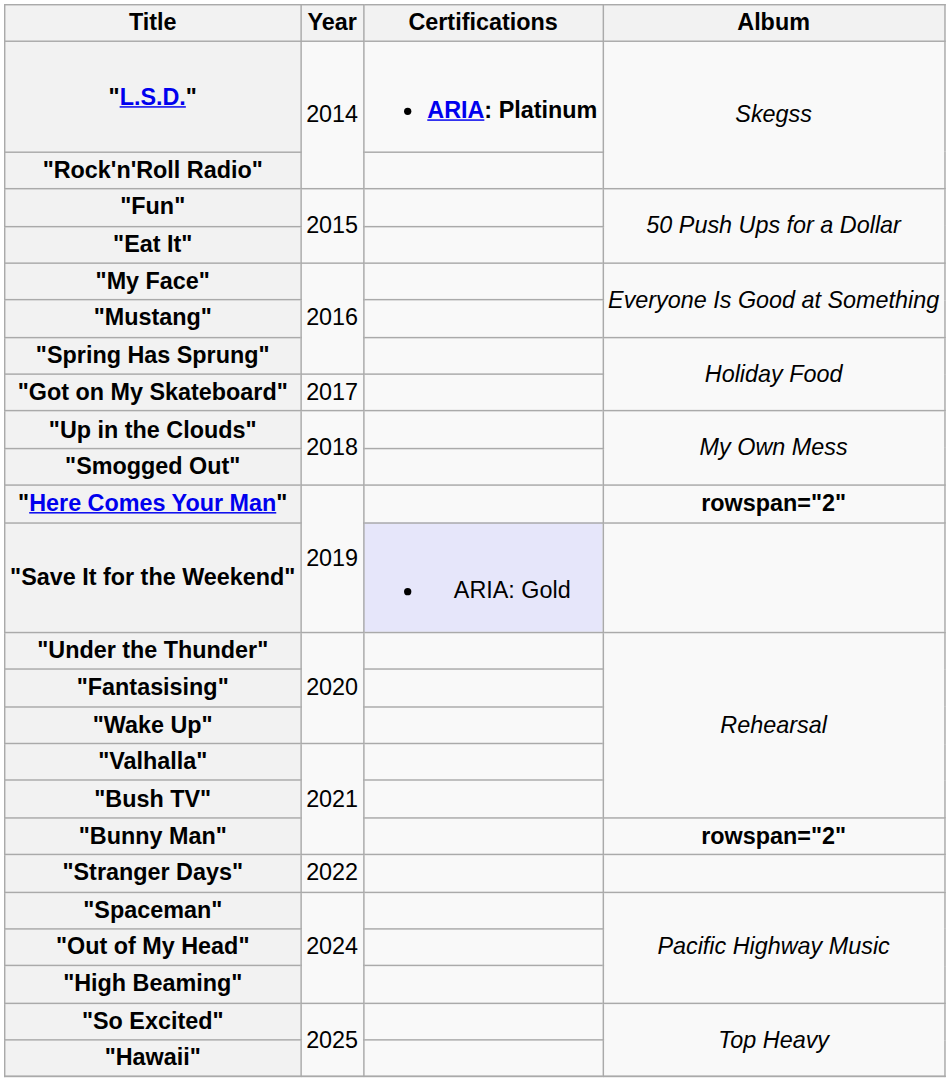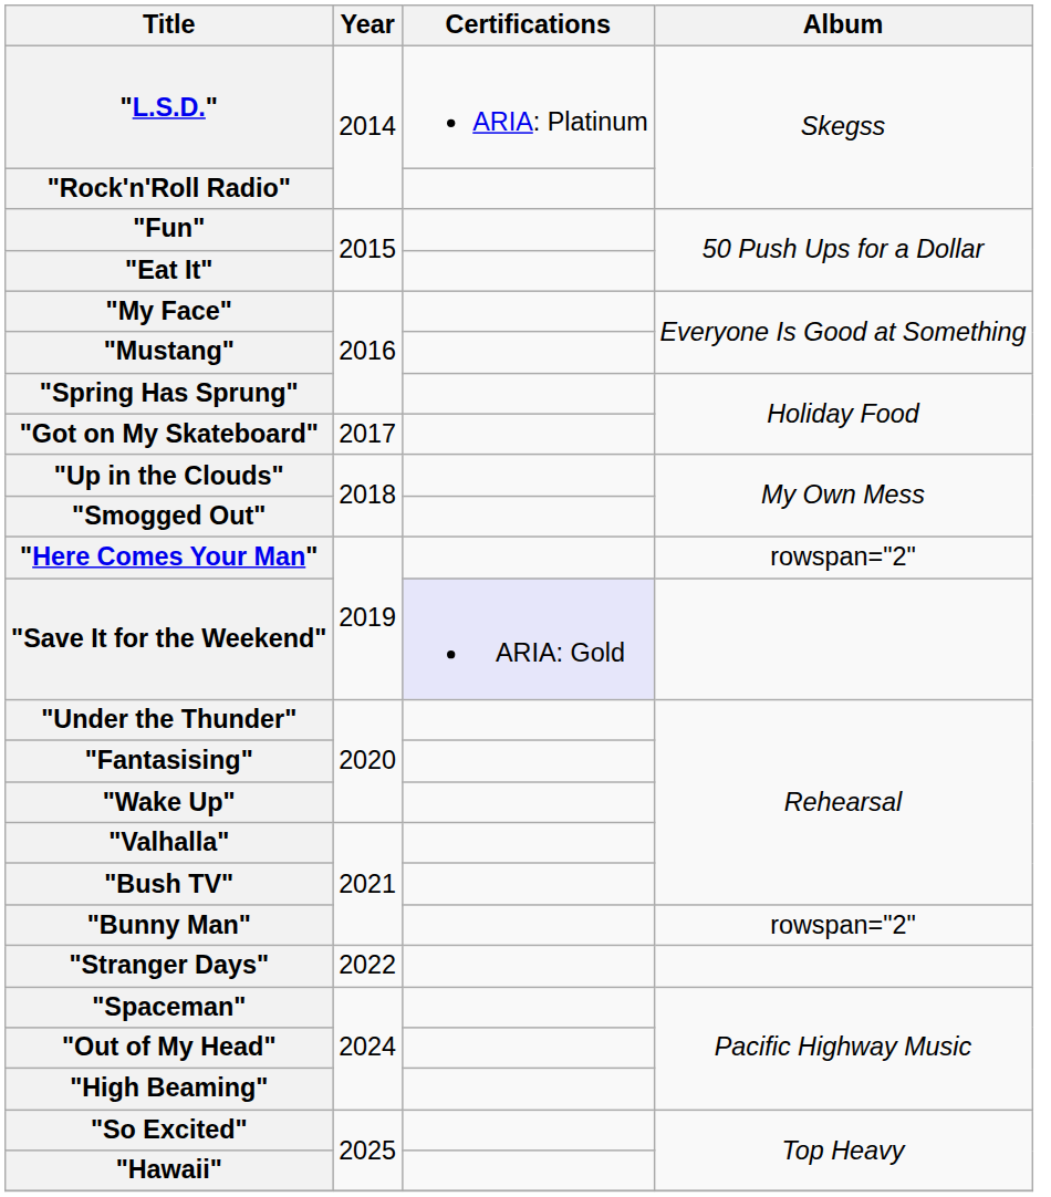 <table class="wikitable plainrowheaders" style="text-align:center;">
 <tr>
 <th>Title</th>
 <th>Year</th>
 <th>Certifications</th>
 <th>Album</th>
 </tr>
 <tr>
 <th scope="row">"<a href='#'>L.S.D.</a>"</th>
 <td rowspan="2">2014</td>
-<td><strong><br><ul><li><a href='#'>ARIA</a>: Platinum</li></ul></strong></td>
+<td><br><ul><li><a href='#'>ARIA</a>: Platinum</li></ul></td>
 <td rowspan="2"><em>Skegss</em></td>
 </tr>
 <tr>
 <th scope="row">"Rock'n'Roll Radio"</th>
 <td></td>
 </tr>
 <tr>
 <th scope="row">"Fun"</th>
 <td rowspan="2">2015</td>
 <td></td>
 <td rowspan="2"><em>50 Push Ups for a Dollar</em></td>
 </tr>
 <tr>
 <th scope="row">"Eat It"</th>
 <td></td>
 </tr>
 <tr>
 <th scope="row">"My Face"</th>
 <td rowspan="3">2016</td>
 <td></td>
 <td rowspan="2"><em>Everyone Is Good at Something</em></td>
 </tr>
 <tr>
 <th scope="row">"Mustang"</th>
 <td></td>
 </tr>
 <tr>
 <th scope="row">"Spring Has Sprung"</th>
 <td></td>
 <td rowspan="2"><em>Holiday Food</em></td>
 </tr>
 <tr>
 <th scope="row">"Got on My Skateboard"</th>
 <td>2017</td>
 <td></td>
 </tr>
 <tr>
 <th scope="row">"Up in the Clouds"</th>
 <td rowspan="2">2018</td>
 <td></td>
 <td rowspan="2"><em>My Own Mess</em></td>
 </tr>
 <tr>
 <th scope="row">"Smogged Out"</th>
 <td></td>
 </tr>
 <tr>
 <th scope="row">"<a href='#'>Here Comes Your Man</a>"<br></th>
 <td rowspan="2">2019</td>
 <td></td>
-<td><strong>rowspan="2" </strong></td>
+<td>rowspan="2" </td>
 </tr>
 <tr>
 <th scope="row">"Save It for the Weekend"</th>
 <td style="background: lavender;"><br><ul><li>ARIA: Gold</li></ul></td>
 </tr>
 <tr>
 <th scope="row">"Under the Thunder"</th>
 <td rowspan="3">2020</td>
 <td></td>
 <td rowspan="5"><em>Rehearsal</em></td>
 </tr>
 <tr>
 <th scope="row">"Fantasising"</th>
 <td></td>
 </tr>
 <tr>
 <th scope="row">"Wake Up"</th>
 <td></td>
 </tr>
 <tr>
 <th scope="row">"Valhalla"</th>
 <td rowspan="3">2021</td>
 <td></td>
 </tr>
 <tr>
 <th scope="row">"Bush TV"</th>
 <td></td>
 </tr>
 <tr>
 <th scope="row">"Bunny Man"</th>
 <td></td>
-<td><strong>rowspan="2" </strong></td>
+<td>rowspan="2" </td>
 </tr>
 <tr>
 <th scope="row">"Stranger Days"</th>
 <td>2022</td>
 <td></td>
 </tr>
 <tr>
 <th scope="row">"Spaceman"</th>
 <td rowspan="3">2024</td>
 <td></td>
 <td rowspan="3"><em>Pacific Highway Music</em></td>
 </tr>
 <tr>
 <th scope="row">"Out of My Head"</th>
 <td></td>
 </tr>
 <tr>
 <th scope="row">"High Beaming"</th>
 <td></td>
 </tr>
 <tr>
 <th scope="row">"So Excited"</th>
 <td rowspan="2">2025</td>
 <td></td>
 <td rowspan="2"><em>Top Heavy</em></td>
 </tr>
 <tr>
 <th scope="row">"Hawaii"</th>
 <td></td>
 </tr>
 <tr>
 </tr>
 </table>
